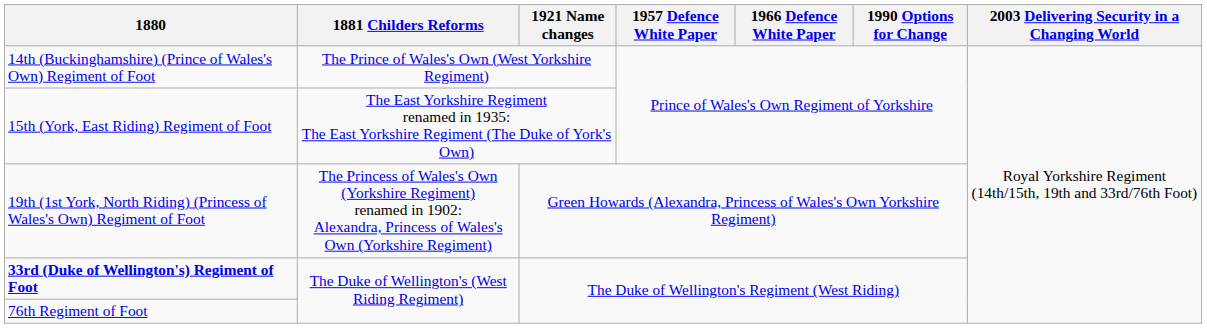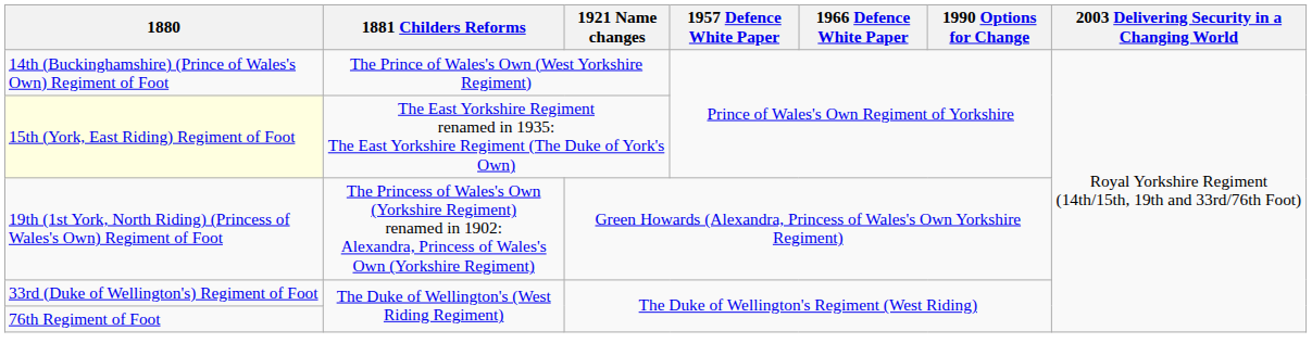 <table class="wikitable">
 <tr>
 <th>1880</th>
 <th>1881 <a href='#'>Childers Reforms</a></th>
 <th>1921 Name changes</th>
 <th>1957 <a href='#'>Defence White Paper</a></th>
 <th>1966 <a href='#'>Defence White Paper</a></th>
 <th>1990 <a href='#'>Options for Change</a></th>
 <th>2003 <a href='#'>Delivering Security in a Changing World</a></th>
 </tr>
 <tr>
 <td><a href='#'>14th (Buckinghamshire) (Prince of Wales's Own) Regiment of Foot</a></td>
 <td rowspan="1" colspan="2" style="text-align: center;"><a href='#'>The Prince of Wales's Own (West Yorkshire Regiment)</a></td>
 <td rowspan="2" colspan="3" style="text-align: center;"><a href='#'>Prince of Wales's Own Regiment of Yorkshire</a></td>
 <td rowspan="5" colspan="1" style="text-align: center;">Royal Yorkshire Regiment (14th/15th, 19th and 33rd/76th Foot)</td>
 </tr>
 <tr>
-<td><a href='#'>15th (York, East Riding) Regiment of Foot</a></td>
+<td style="background: lightyellow;"><a href='#'>15th (York, East Riding) Regiment of Foot</a></td>
 <td rowspan="1" colspan="2" style="text-align: center;"><a href='#'>The East Yorkshire Regiment</a><br>renamed in 1935:<br><a href='#'>The East Yorkshire Regiment (The Duke of York's Own)</a></td>
 </tr>
 <tr>
 <td><a href='#'>19th (1st York, North Riding) (Princess of Wales's Own) Regiment of Foot</a></td>
 <td rowspan="1" colspan="1" style="text-align: center;"><a href='#'>The Princess of Wales's Own (Yorkshire Regiment)</a><br>renamed in 1902:<br><a href='#'>Alexandra, Princess of Wales's Own (Yorkshire Regiment)</a></td>
 <td rowspan="1" colspan="4" style="text-align: center;"><a href='#'>Green Howards (Alexandra, Princess of Wales's Own Yorkshire Regiment)</a></td>
 </tr>
 <tr>
-<td><strong><a href='#'>33rd (Duke of Wellington's) Regiment of Foot</a></strong></td>
+<td><a href='#'>33rd (Duke of Wellington's) Regiment of Foot</a></td>
 <td rowspan="2" style="text-align: center;"><a href='#'>The Duke of Wellington's (West Riding Regiment)</a></td>
 <td rowspan="2" colspan="4" style="text-align: center;"><a href='#'>The Duke of Wellington's Regiment (West Riding)</a></td>
 </tr>
 <tr>
 <td><a href='#'>76th Regiment of Foot</a></td>
 </tr>
 </table>
